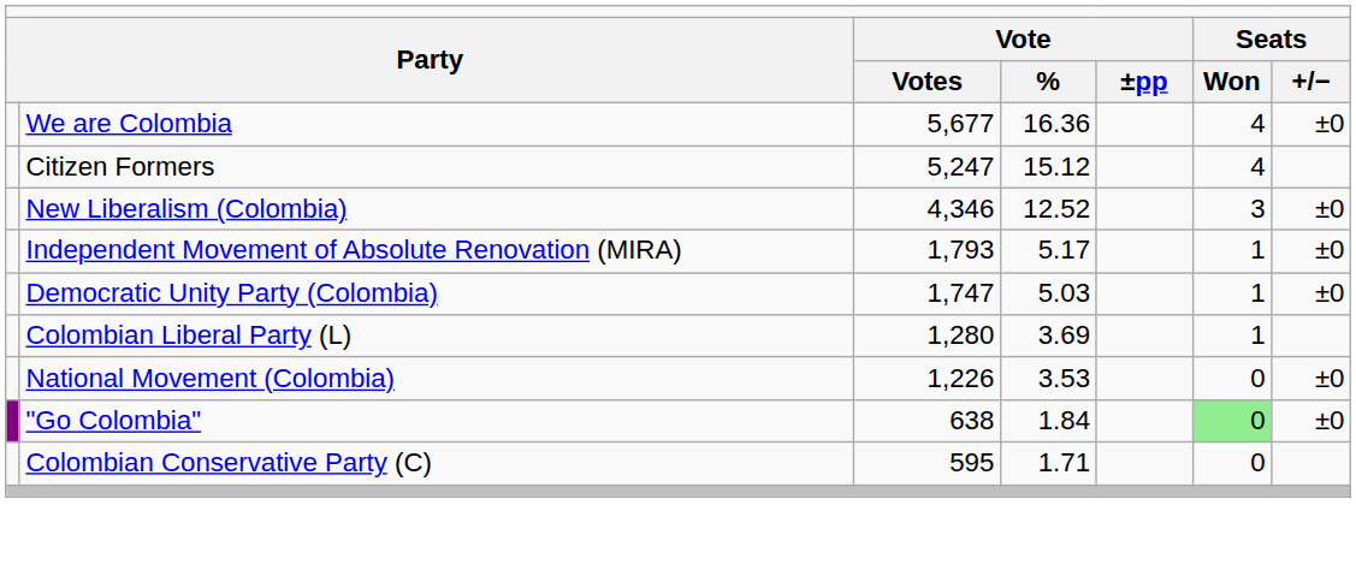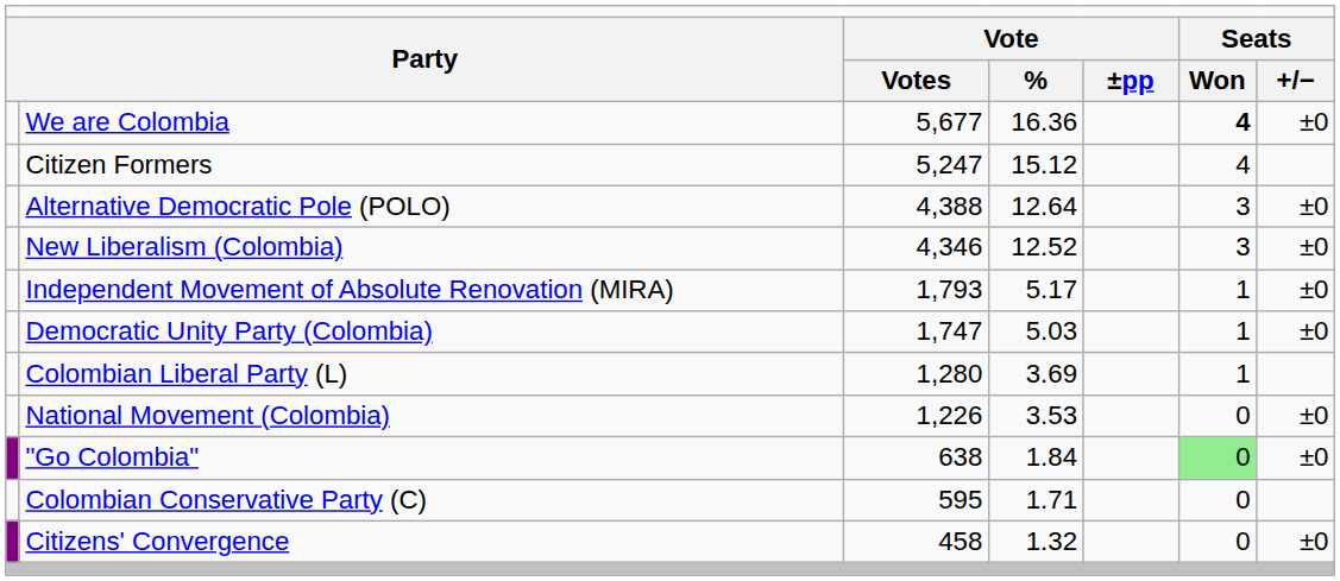 <table class="wikitable" style="text-align:right; font-size:100%; margin-bottom:0">
 <tr>
 <td colspan="7"></td>
 </tr>
 <tr>
 <th align="left" rowspan="2" colspan="2" width="500">Party</th>
 <th colspan="3">Vote</th>
 <th colspan="2">Seats</th>
 </tr>
 <tr>
 <th width="80">Votes</th>
 <th width="50">%</th>
 <th width="50">±<a href='#'>pp</a></th>
 <th width="40">Won</th>
 <th width="40">+/−</th>
 </tr>
 <tr>
 <td style="color:inherit;background:"></td>
 <td align="left"><a href='#'>We are Colombia</a></td>
 <td>5,677</td>
 <td>16.36</td>
 <td></td>
-<td>4</td>
+<td><strong>4</strong></td>
 <td>±0</td>
 </tr>
 <tr>
 <td width="1" style="color:inherit;background:"></td>
 <td align="left">Citizen Formers</td>
 <td>5,247</td>
 <td>15.12</td>
 <td></td>
 <td>4</td>
 <td></td>
+</tr>
+<tr>
+<td style="color:inherit;background:"></td>
+<td align="left"><a href='#'>Alternative Democratic Pole</a> (POLO)</td>
+<td>4,388</td>
+<td>12.64</td>
+<td></td>
+<td>3</td>
+<td>±0</td>
 </tr>
 <tr>
 <td style="color:inherit;background:"></td>
 <td align="left"><a href='#'>New Liberalism (Colombia)</a></td>
 <td>4,346</td>
 <td>12.52</td>
 <td></td>
 <td>3</td>
 <td>±0</td>
 </tr>
 <tr>
 <td style="color:inherit;background:"></td>
 <td align="left"><a href='#'>Independent Movement of Absolute Renovation</a> (MIRA)</td>
 <td>1,793</td>
 <td>5.17</td>
 <td></td>
 <td>1</td>
 <td>±0</td>
 </tr>
 <tr>
 <td style="color:inherit;background:"></td>
 <td align="left"><a href='#'>Democratic Unity Party (Colombia)</a></td>
 <td>1,747</td>
 <td>5.03</td>
 <td></td>
 <td>1</td>
 <td>±0</td>
 </tr>
 <tr>
 <td style="color:inherit;background:"></td>
 <td align="left"><a href='#'>Colombian Liberal Party</a> (L)</td>
 <td>1,280</td>
 <td>3.69</td>
 <td></td>
 <td>1</td>
 <td></td>
 </tr>
 <tr>
 <td style="color:inherit;background:"></td>
 <td align="left"><a href='#'>National Movement (Colombia)</a></td>
 <td>1,226</td>
 <td>3.53</td>
 <td></td>
 <td>0</td>
 <td>±0</td>
 </tr>
 <tr>
 <td bgcolor="purple"></td>
 <td align="left"><a href='#'>"Go Colombia"</a></td>
 <td>638</td>
 <td>1.84</td>
 <td></td>
 <td style="background: lightgreen;">0</td>
 <td>±0</td>
 </tr>
 <tr>
 <td style="color:inherit;background:"></td>
 <td align="left"><a href='#'>Colombian Conservative Party</a> (C)</td>
 <td>595</td>
 <td>1.71</td>
 <td></td>
 <td>0</td>
 <td></td>
 </tr>
 <tr>
+<td bgcolor="purple"></td>
+<td align="left"><a href='#'>Citizens' Convergence</a></td>
+<td>458</td>
+<td>1.32</td>
+<td></td>
+<td>0</td>
+<td>±0</td>
+</tr>
+<tr>
 <td colspan="7" bgcolor="#C0C0C0"></td>
 </tr>
 </table>
